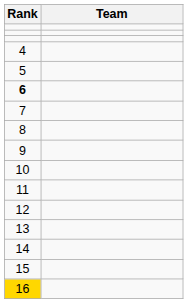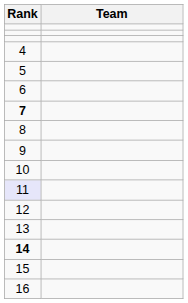 <table class="wikitable" style="text-align:center;">
 <tr>
 <th>Rank</th>
 <th width=175>Team</th>
 </tr>
 <tr>
 <td></td>
 <td align=left></td>
 </tr>
 <tr>
 <td></td>
 <td align=left></td>
 </tr>
 <tr>
 <td></td>
 <td align=left></td>
 </tr>
 <tr>
 <td>4</td>
 <td align=left></td>
 </tr>
 <tr>
 <td>5</td>
 <td align=left></td>
 </tr>
 <tr>
-<td><strong>6</strong></td>
+<td>6</td>
 <td align=left></td>
 </tr>
 <tr>
-<td>7</td>
+<td><strong>7</strong></td>
 <td align=left></td>
 </tr>
 <tr>
 <td>8</td>
 <td align=left></td>
 </tr>
 <tr>
 <td>9</td>
 <td align=left></td>
 </tr>
 <tr>
 <td>10</td>
 <td align=left></td>
 </tr>
 <tr>
-<td>11</td>
+<td style="background: lavender;">11</td>
 <td align=left></td>
 </tr>
 <tr>
 <td>12</td>
 <td align=left></td>
 </tr>
 <tr>
 <td>13</td>
 <td align=left></td>
 </tr>
 <tr>
-<td>14</td>
+<td><strong>14</strong></td>
 <td align=left></td>
 </tr>
 <tr>
 <td>15</td>
 <td align=left></td>
 </tr>
 <tr>
-<td style="background: gold;">16</td>
+<td>16</td>
 <td align=left></td>
 </tr>
 </table>
